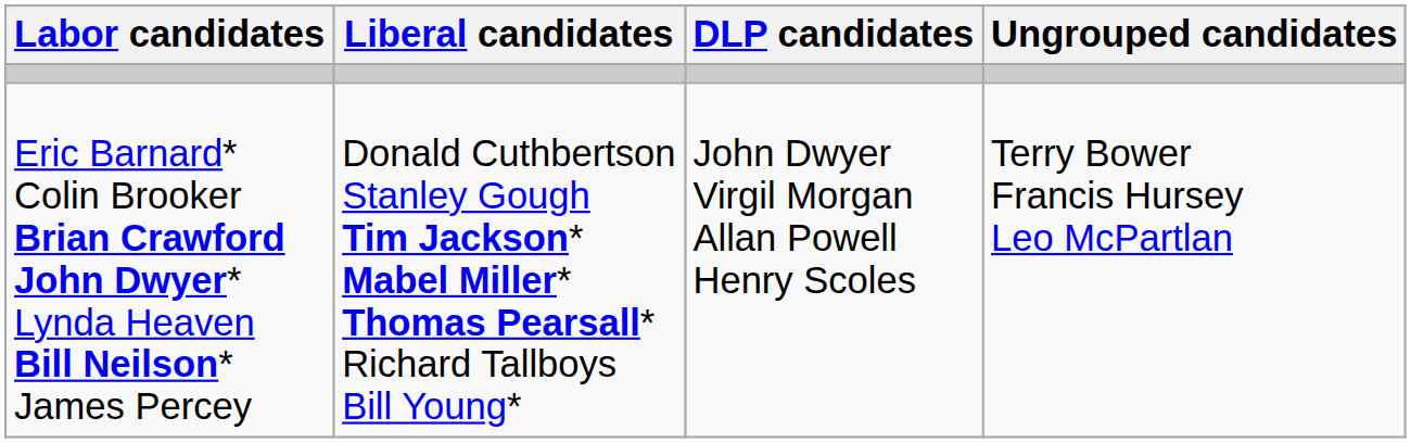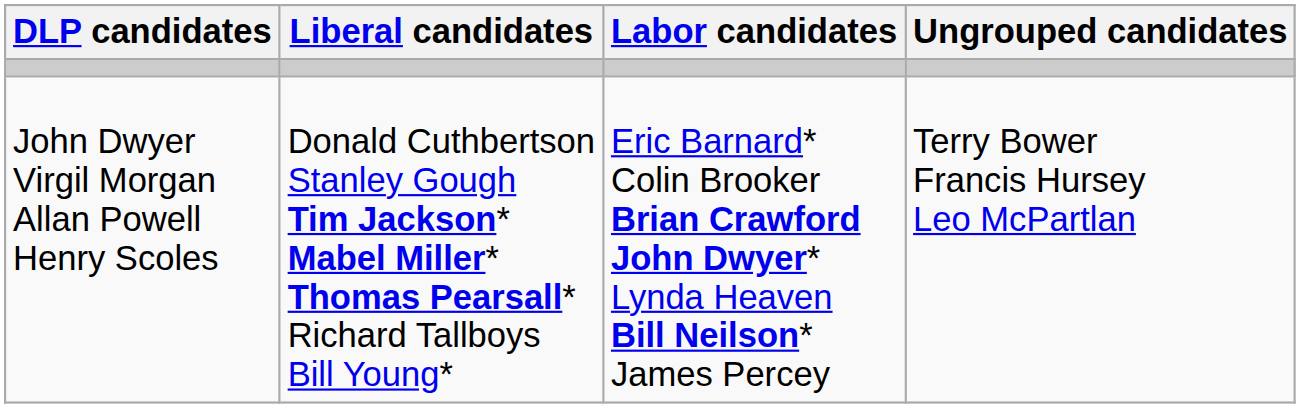 <table class="wikitable">
 <tr>
+<th><a href='#'>DLP</a> candidates</th>
+<th><a href='#'>Liberal</a> candidates</th>
 <th><a href='#'>Labor</a> candidates</th>
-<th><a href='#'>Liberal</a> candidates</th>
-<th><a href='#'>DLP</a> candidates</th>
 <th>Ungrouped candidates</th>
 </tr>
 <tr bgcolor="#cccccc">
 <td></td>
 <td></td>
 <td></td>
 <td></td>
 </tr>
 <tr>
+<td valign=top><br>John Dwyer<br> Virgil Morgan<br> Allan Powell<br> Henry Scoles</td>
+<td><br>Donald Cuthbertson<br> <a href='#'>Stanley Gough</a><br> <strong><a href='#'>Tim Jackson</a></strong>*<br> <strong><a href='#'>Mabel Miller</a></strong>*<br> <strong><a href='#'>Thomas Pearsall</a></strong>*<br> Richard Tallboys<br> <a href='#'>Bill Young</a>*</td>
 <td><br><a href='#'>Eric Barnard</a>*<br> Colin Brooker<br> <strong><a href='#'>Brian Crawford</a></strong><br> <strong><a href='#'>John Dwyer</a></strong>*<br> <a href='#'>Lynda Heaven</a><br> <strong><a href='#'>Bill Neilson</a></strong>*<br> James Percey</td>
-<td><br>Donald Cuthbertson<br> <a href='#'>Stanley Gough</a><br> <strong><a href='#'>Tim Jackson</a></strong>*<br> <strong><a href='#'>Mabel Miller</a></strong>*<br> <strong><a href='#'>Thomas Pearsall</a></strong>*<br> Richard Tallboys<br> <a href='#'>Bill Young</a>*</td>
-<td valign=top><br>John Dwyer<br> Virgil Morgan<br> Allan Powell<br> Henry Scoles</td>
 <td valign=top><br>Terry Bower<br> Francis Hursey<br> <a href='#'>Leo McPartlan</a></td>
 </tr>
 </table>
